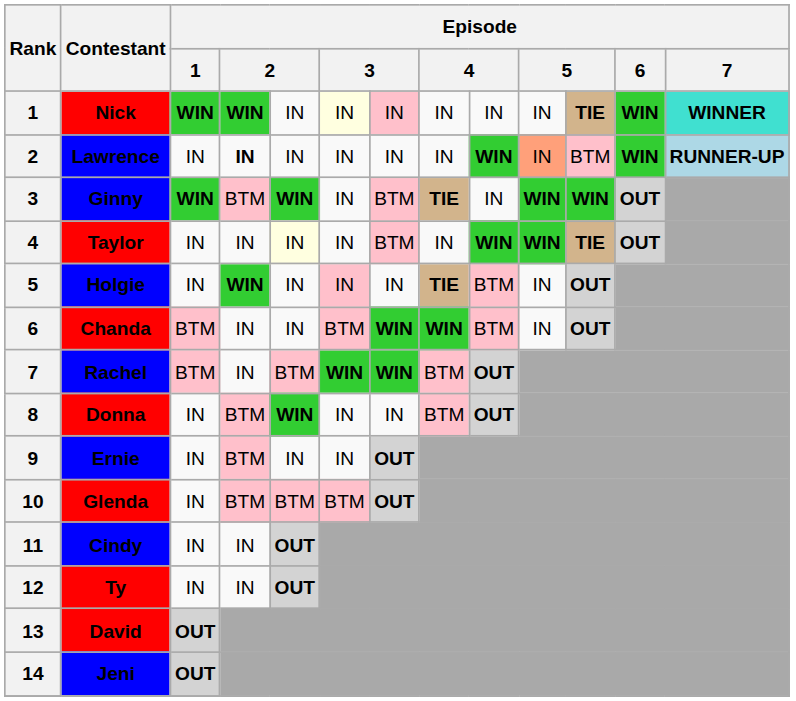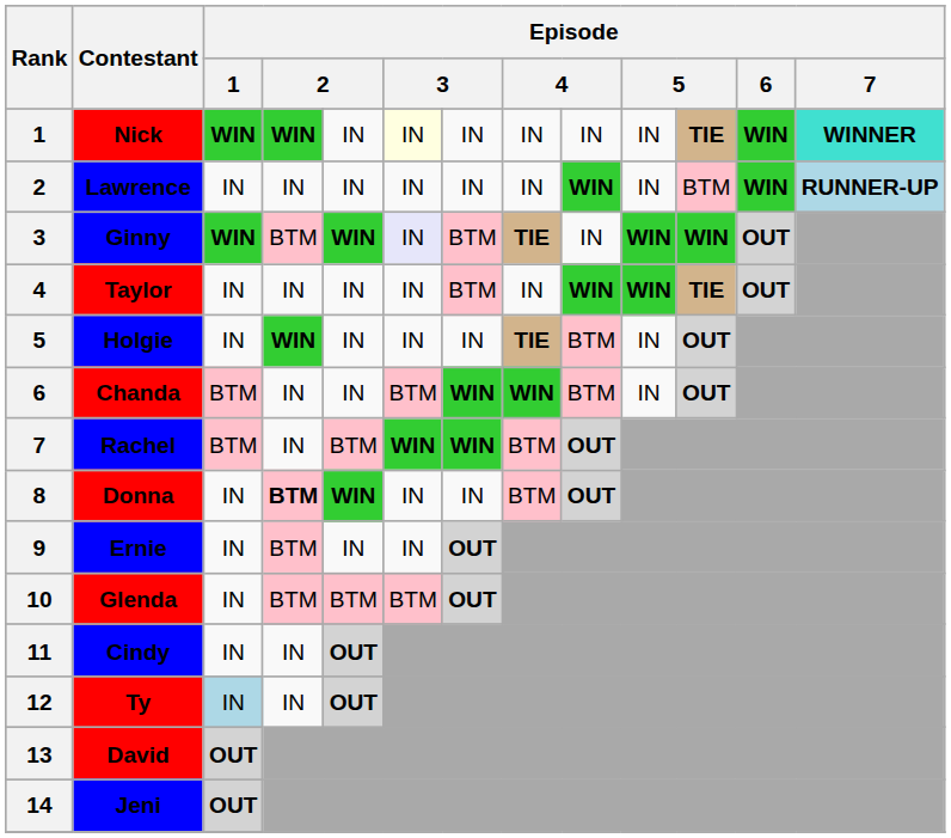 <table class="wikitable" style="text-align: center; font-size: 8.5pt; line-height:20px;">
 <tr>
 <th rowspan=2>Rank</th>
 <th rowspan=2>Contestant</th>
 <th colspan=12>Episode</th>
 </tr>
 <tr>
 <th>1</th>
 <th colspan=2>2</th>
 <th colspan=2>3</th>
 <th colspan=2>4</th>
 <th colspan=2>5</th>
 <th>6</th>
 <th>7</th>
 </tr>
 <tr>
 <th>1</th>
 <td style="background:red"><span><strong>Nick</strong></span></td>
 <td style="background:limegreen;"><strong>WIN</strong></td>
 <td style="background:limegreen;"><strong>WIN</strong></td>
 <td>IN</td>
 <td style="background: lightyellow;">IN</td>
-<td style="background: pink;">IN</td>
+<td>IN</td>
 <td>IN</td>
 <td>IN</td>
 <td>IN</td>
 <td style="background:tan;"><strong>TIE</strong></td>
 <td style="background:limegreen;"><strong>WIN</strong></td>
 <td style="background:turquoise;"><strong>WINNER</strong></td>
 </tr>
 <tr>
 <th>2</th>
 <td style="background:blue"><span><strong>Lawrence</strong></span></td>
 <td>IN</td>
-<td><strong>IN</strong></td>
+<td>IN</td>
 <td>IN</td>
 <td>IN</td>
 <td>IN</td>
 <td>IN</td>
 <td style="background:limegreen;"><strong>WIN</strong></td>
-<td style="background: lightsalmon;">IN</td>
+<td>IN</td>
 <td style="background:pink;">BTM</td>
 <td style="background:limegreen;"><strong>WIN</strong></td>
 <td style="background:lightblue;"><strong>RUNNER-UP</strong></td>
 </tr>
 <tr>
 <th>3</th>
 <td style="background:blue"><span><strong>Ginny</strong></span></td>
 <td style="background:limegreen;"><strong>WIN</strong></td>
 <td style="background:pink;">BTM</td>
 <td style="background:limegreen;"><strong>WIN</strong></td>
-<td>IN</td>
+<td style="background: lavender;">IN</td>
 <td style="background:pink;">BTM</td>
 <td style="background:tan;"><strong>TIE</strong></td>
 <td>IN</td>
 <td style="background:limegreen;"><strong>WIN</strong></td>
 <td style="background:limegreen;"><strong>WIN</strong></td>
 <td style="background:lightgray;"><strong>OUT</strong></td>
 <td colspan="4" style="background:darkgrey;"></td>
 </tr>
 <tr>
 <th>4</th>
 <td style="background:red"><span><strong>Taylor</strong></span></td>
 <td>IN</td>
 <td>IN</td>
-<td style="background: lightyellow;">IN</td>
+<td>IN</td>
 <td>IN</td>
 <td style="background:pink;">BTM</td>
 <td>IN</td>
 <td style="background:limegreen;"><strong>WIN</strong></td>
 <td style="background:limegreen;"><strong>WIN</strong></td>
 <td style="background:tan;"><strong>TIE</strong></td>
 <td style="background:lightgray;"><strong>OUT</strong></td>
 <td colspan="4" style="background:darkgrey;"></td>
 </tr>
 <tr>
 <th>5</th>
 <td style="background:blue"><span><strong>Holgie</strong></span></td>
 <td>IN</td>
 <td style="background:limegreen;"><strong>WIN</strong></td>
 <td>IN</td>
-<td style="background: pink;">IN</td>
+<td>IN</td>
 <td>IN</td>
 <td style="background:tan;"><strong>TIE</strong></td>
 <td style="background:pink;">BTM</td>
 <td>IN</td>
 <td style="background:lightgray;"><strong>OUT</strong></td>
 <td colspan="4" style="background:darkgrey;"></td>
 </tr>
 <tr>
 <th>6</th>
 <td style="background:red"><span><strong>Chanda</strong></span></td>
 <td style="background:pink;">BTM</td>
 <td>IN</td>
 <td>IN</td>
 <td style="background:pink;">BTM</td>
 <td style="background:limegreen;"><strong>WIN</strong></td>
 <td style="background:limegreen;"><strong>WIN</strong></td>
 <td style="background:pink;">BTM</td>
 <td>IN</td>
 <td style="background:lightgray;"><strong>OUT</strong></td>
 <td colspan="4" style="background:darkgrey;"></td>
 </tr>
 <tr>
 <th>7</th>
 <td style="background:blue"><span><strong>Rachel</strong></span></td>
 <td style="background:pink;">BTM</td>
 <td>IN</td>
 <td style="background:pink;">BTM</td>
 <td style="background:limegreen;"><strong>WIN</strong></td>
 <td style="background:limegreen;"><strong>WIN</strong></td>
 <td style="background:pink;">BTM</td>
 <td style="background:lightgray;"><strong>OUT</strong></td>
 <td colspan="5" style="background:darkgrey;"></td>
 </tr>
 <tr>
 <th>8</th>
 <td style="background:red"><span><strong>Donna</strong></span></td>
 <td>IN</td>
-<td style="background:pink;">BTM</td>
+<td style="background:pink;"><strong>BTM</strong></td>
 <td style="background:limegreen;"><strong>WIN</strong></td>
 <td>IN</td>
 <td>IN</td>
 <td style="background:pink;">BTM</td>
 <td style="background:lightgray;"><strong>OUT</strong></td>
 <td colspan="5" style="background:darkgrey;"></td>
 </tr>
 <tr>
 <th>9</th>
 <td style="background:blue"><span><strong>Ernie</strong></span></td>
 <td>IN</td>
 <td style="background:pink;">BTM</td>
 <td>IN</td>
 <td>IN</td>
 <td style="background:lightgray;"><strong>OUT</strong></td>
 <td colspan="6" style="background:darkgrey;"></td>
 </tr>
 <tr>
 <th>10</th>
 <td style="background:red"><span><strong>Glenda</strong></span></td>
 <td>IN</td>
 <td style="background:pink;">BTM</td>
 <td style="background:pink;">BTM</td>
 <td style="background:pink;">BTM</td>
 <td style="background:lightgray;"><strong>OUT</strong></td>
 <td colspan="6" style="background:darkgrey;"></td>
 </tr>
 <tr>
 <th>11</th>
 <td style="background:blue"><span><strong>Cindy</strong></span></td>
 <td>IN</td>
 <td>IN</td>
 <td style="background:lightgray;"><strong>OUT</strong></td>
 <td colspan="8" style="background:darkgrey;"></td>
 </tr>
 <tr>
 <th>12</th>
 <td style="background:red"><span><strong>Ty</strong></span></td>
-<td>IN</td>
+<td style="background: lightblue;">IN</td>
 <td>IN</td>
 <td style="background:lightgray;"><strong>OUT</strong></td>
 <td colspan="8" style="background:darkgrey;"></td>
 </tr>
 <tr>
 <th>13</th>
 <td style="background:red"><span><strong>David</strong></span></td>
 <td style="background:lightgray;"><strong>OUT</strong></td>
 <td colspan="10" style="background:darkgrey;"></td>
 </tr>
 <tr>
 <th>14</th>
 <td style="background:blue"><span><strong>Jeni</strong></span></td>
 <td style="background:lightgray;"><strong>OUT</strong></td>
 <td colspan="10" style="background:darkgrey;"></td>
 </tr>
 <tr>
 </tr>
 </table>
